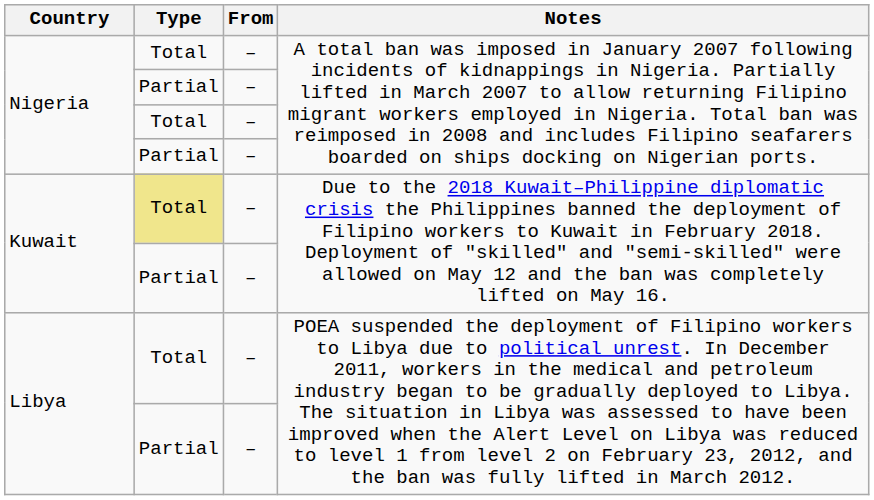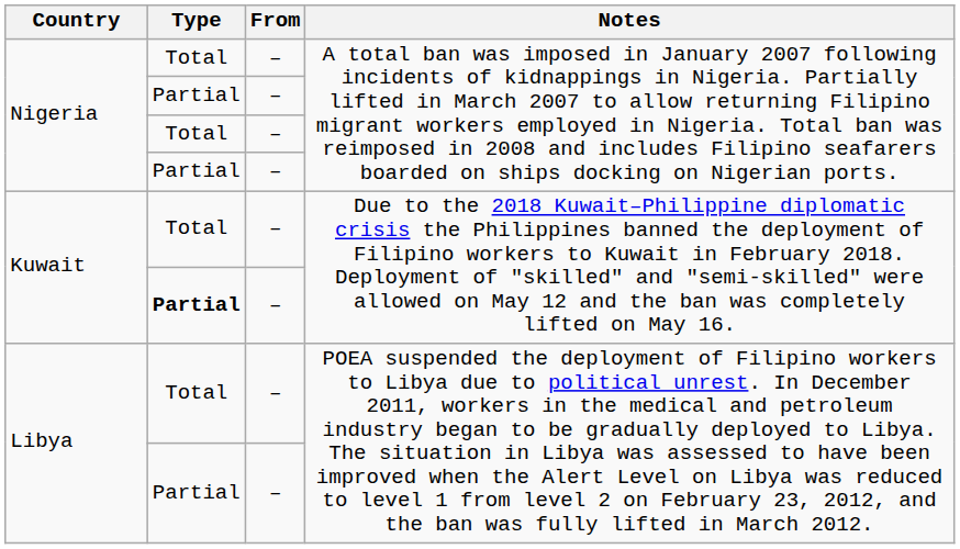 <table class="wikitable sortable" style="text-align: center; font-size:95%;" width=90%>
 <tr>
 <th width=15%>Country</th>
 <th>Type</th>
 <th>From</th>
 <th>Notes</th>
 </tr>
 <tr>
 <td rowspan=4 align=left>Nigeria</td>
 <td>Total</td>
 <td>–</td>
 <td rowspan=4>A total ban was imposed in January 2007 following incidents of kidnappings in Nigeria. Partially lifted in March 2007 to allow returning Filipino migrant workers employed in Nigeria. Total ban was reimposed in 2008 and includes Filipino seafarers boarded on ships docking on Nigerian ports.</td>
 </tr>
 <tr>
 <td>Partial</td>
 <td>–</td>
 </tr>
 <tr>
 <td>Total</td>
 <td>–</td>
 </tr>
 <tr>
 <td>Partial</td>
 <td>–</td>
 </tr>
 <tr>
 <td rowspan=2 align=left>Kuwait</td>
-<td style="background: khaki;">Total</td>
+<td>Total</td>
 <td>–</td>
 <td rowspan=2>Due to the <a href='#'>2018 Kuwait–Philippine diplomatic crisis</a> the Philippines banned the deployment of Filipino workers to Kuwait in February 2018. Deployment of "skilled" and "semi-skilled" were allowed on May 12 and the ban was completely lifted on May 16.</td>
 </tr>
 <tr>
-<td>Partial</td>
+<td><strong>Partial</strong></td>
 <td>–</td>
 </tr>
 <tr>
 <td rowspan=4 align=left>Libya</td>
 <td>Total</td>
 <td>–</td>
 <td rowspan=4>POEA suspended the deployment of Filipino workers to Libya due to <a href='#'>political unrest</a>. In December 2011, workers in the medical and petroleum industry began to be gradually deployed to Libya. The situation in Libya was assessed to have been improved when the Alert Level on Libya was reduced to level 1 from level 2 on February 23, 2012, and the ban was fully lifted in March 2012.</td>
 </tr>
 <tr>
 <td>Partial</td>
 <td>–</td>
 </tr>
 </table>
